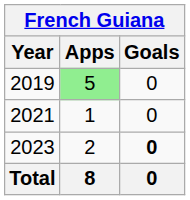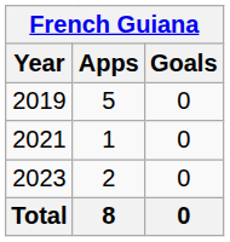 <table class="wikitable" style="text-align:center">
 <tr>
 <th colspan=3><a href='#'>French Guiana</a></th>
 </tr>
 <tr>
 <th>Year</th>
 <th>Apps</th>
 <th>Goals</th>
 </tr>
 <tr>
 <td>2019</td>
-<td style="background: lightgreen;">5</td>
+<td>5</td>
 <td>0</td>
 </tr>
 <tr>
 <td>2021</td>
 <td>1</td>
 <td>0</td>
 </tr>
 <tr>
 <td>2023</td>
 <td>2</td>
-<td><strong>0</strong></td>
+<td>0</td>
 </tr>
 <tr>
 <th>Total</th>
 <th>8</th>
 <th>0</th>
 </tr>
 </table>
